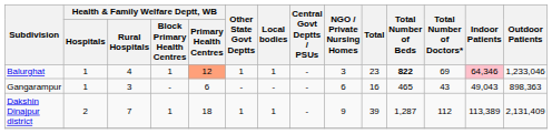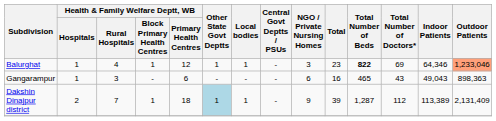 <table class="wikitable" style="text-align:center;font-size: 9pt">
 <tr>
 <th width="110" rowspan="2">Subdivision</th>
 <th width="160" colspan="4" rowspan="1">Health & Family Welfare Deptt, WB</th>
 <th widthspan="110" rowspan="2">Other<br>State<br>Govt<br>Deptts</th>
 <th widthspan="110" rowspan="2">Local<br>bodies</th>
 <th widthspan="110" rowspan="2">Central<br>Govt<br>Deptts /<br>PSUs</th>
 <th widthspan="110" rowspan="2">NGO /<br>Private<br>Nursing<br>Homes</th>
 <th widthspan="110" rowspan="2">Total</th>
 <th widthspan="110" rowspan="2">Total<br>Number<br>of<br>Beds</th>
 <th widthspan="110" rowspan="2">Total<br>Number<br>of<br>Doctors*</th>
 <th widthspan="130" rowspan="2">Indoor<br>Patients</th>
 <th widthspan="130" rowspan="2">Outdoor<br>Patients</th>
 </tr>
 <tr>
 <th width="40">Hospitals<br></th>
 <th width="40">Rural<br>Hospitals<br></th>
 <th width="40">Block<br>Primary<br>Health<br>Centres<br></th>
 <th width="40">Primary<br>Health<br>Centres<br></th>
 </tr>
 <tr>
 <td align=left><a href='#'>Balurghat</a></td>
 <td align="center">1</td>
 <td align="center">4</td>
 <td align="center">1</td>
-<td align="center" style="background: lightsalmon;">12</td>
+<td align="center">12</td>
 <td align="center">1</td>
 <td align="center">1</td>
 <td align="center">-</td>
 <td align="center">3</td>
 <td align="center">23</td>
 <td align="center"><strong>822</strong></td>
 <td align="center">69</td>
-<td align="center" style="background: pink;">64,346</td>
-<td align="center">1,233,046</td>
+<td align="center">64,346</td>
+<td align="center" style="background: lightsalmon;">1,233,046</td>
 </tr>
 <tr>
 <td align=left>Gangarampur</td>
 <td align="center">1</td>
 <td align="center">3</td>
 <td align="center">-</td>
 <td align="center">6</td>
 <td align="center">-</td>
 <td align="center">-</td>
 <td align="center">-</td>
 <td align="center">6</td>
 <td align="center">16</td>
 <td align="center">465</td>
 <td align="center">43</td>
 <td align="center">49,043</td>
 <td align="center">898,363</td>
 </tr>
 <tr>
 <td align=left><a href='#'>Dakshin Dinajpur district</a></td>
 <td align="center">2</td>
 <td align="center">7</td>
 <td align="center">1</td>
 <td align="center">18</td>
-<td align="center">1</td>
+<td align="center" style="background: lightblue;">1</td>
 <td align="center">1</td>
 <td align="center">-</td>
 <td align="center">9</td>
 <td align="center">39</td>
 <td align="center">1,287</td>
 <td align="center">112</td>
 <td align="center">113,389</td>
 <td align="center">2,131,409</td>
 </tr>
 <tr>
 </tr>
 </table>
